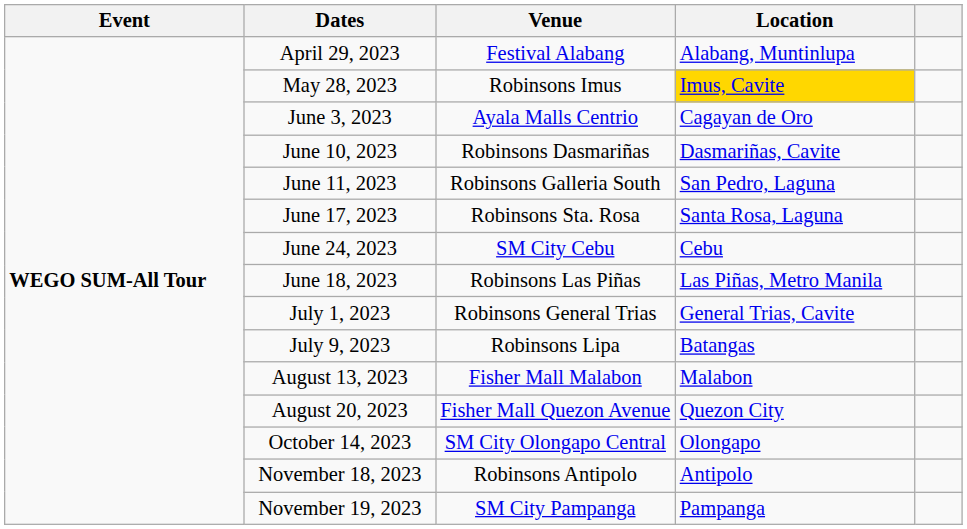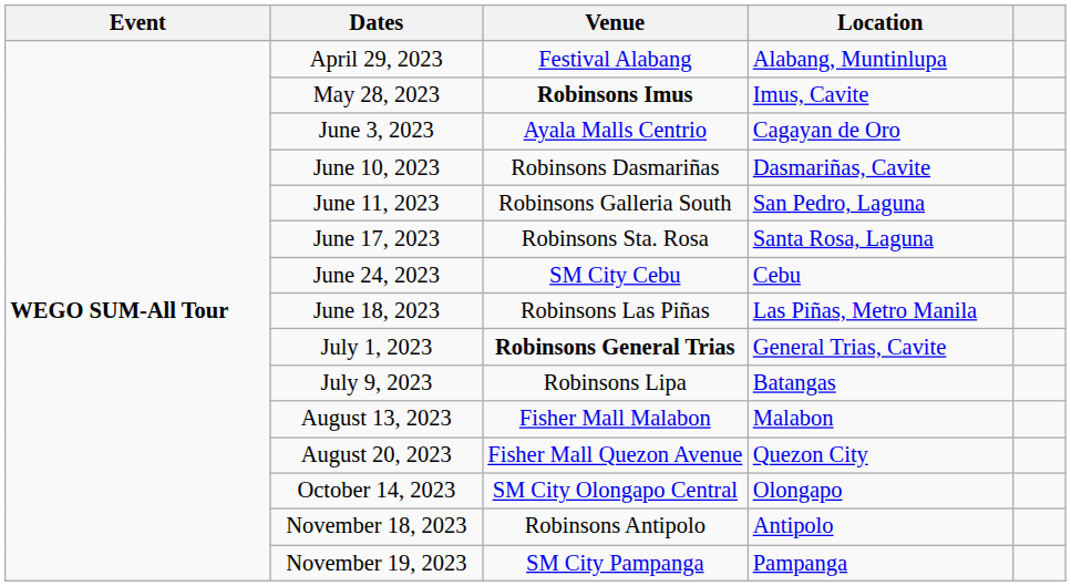 <table class="wikitable">
 <tr>
 <th width="25%">Event</th>
 <th width="20%">Dates</th>
 <th width="25%">Venue</th>
 <th width="25%">Location</th>
 <th width="5%"></th>
 </tr>
 <tr>
 <td style="text-align:left;" rowspan="15"><strong>WEGO SUM-All Tour</strong></td>
 <td align="center">April 29, 2023</td>
 <td align="center"><a href='#'>Festival Alabang</a></td>
 <td><a href='#'>Alabang, Muntinlupa</a></td>
 <td></td>
 </tr>
 <tr>
 <td align="center">May 28, 2023</td>
-<td align="center">Robinsons Imus</td>
-<td style="background: gold;"><a href='#'>Imus, Cavite</a></td>
+<td align="center"><strong>Robinsons Imus</strong></td>
+<td><a href='#'>Imus, Cavite</a></td>
 <td></td>
 </tr>
 <tr>
 <td align="center">June 3, 2023</td>
 <td align="center"><a href='#'>Ayala Malls Centrio</a></td>
 <td><a href='#'>Cagayan de Oro</a></td>
 <td></td>
 </tr>
 <tr>
 <td align="center">June 10, 2023</td>
 <td align="center">Robinsons Dasmariñas</td>
 <td><a href='#'>Dasmariñas, Cavite</a></td>
 <td></td>
 </tr>
 <tr>
 <td align="center">June 11, 2023</td>
 <td align="center">Robinsons Galleria South</td>
 <td><a href='#'>San Pedro, Laguna</a></td>
 <td></td>
 </tr>
 <tr>
 <td align="center">June 17, 2023</td>
 <td align="center">Robinsons Sta. Rosa</td>
 <td><a href='#'>Santa Rosa, Laguna</a></td>
 <td></td>
 </tr>
 <tr>
 <td align="center">June 24, 2023</td>
 <td align="center"><a href='#'>SM City Cebu</a></td>
 <td><a href='#'>Cebu</a></td>
 <td></td>
 </tr>
 <tr>
 <td align="center">June 18, 2023</td>
 <td align="center">Robinsons Las Piñas</td>
 <td><a href='#'>Las Piñas, Metro Manila</a></td>
 <td></td>
 </tr>
 <tr>
 <td align="center">July 1, 2023</td>
-<td align="center">Robinsons General Trias</td>
+<td align="center"><strong>Robinsons General Trias</strong></td>
 <td><a href='#'>General Trias, Cavite</a></td>
 <td></td>
 </tr>
 <tr>
 <td align="center">July 9, 2023</td>
 <td align="center">Robinsons Lipa</td>
 <td><a href='#'>Batangas</a></td>
 <td></td>
 </tr>
 <tr>
 <td align="center">August 13, 2023</td>
 <td align="center"><a href='#'>Fisher Mall Malabon</a></td>
 <td><a href='#'>Malabon</a></td>
 <td></td>
 </tr>
 <tr>
 <td align="center">August 20, 2023</td>
 <td align="center"><a href='#'>Fisher Mall Quezon Avenue</a></td>
 <td><a href='#'>Quezon City</a></td>
 <td></td>
 </tr>
 <tr>
 <td align="center">October 14, 2023</td>
 <td align="center"><a href='#'>SM City Olongapo Central</a></td>
 <td><a href='#'>Olongapo</a></td>
 <td></td>
 </tr>
 <tr>
 <td align="center">November 18, 2023</td>
 <td align="center">Robinsons Antipolo</td>
 <td><a href='#'>Antipolo</a></td>
 <td></td>
 </tr>
 <tr>
 <td align="center">November 19, 2023</td>
 <td align="center"><a href='#'>SM City Pampanga</a></td>
 <td><a href='#'>Pampanga</a></td>
 <td></td>
 </tr>
 </table>
